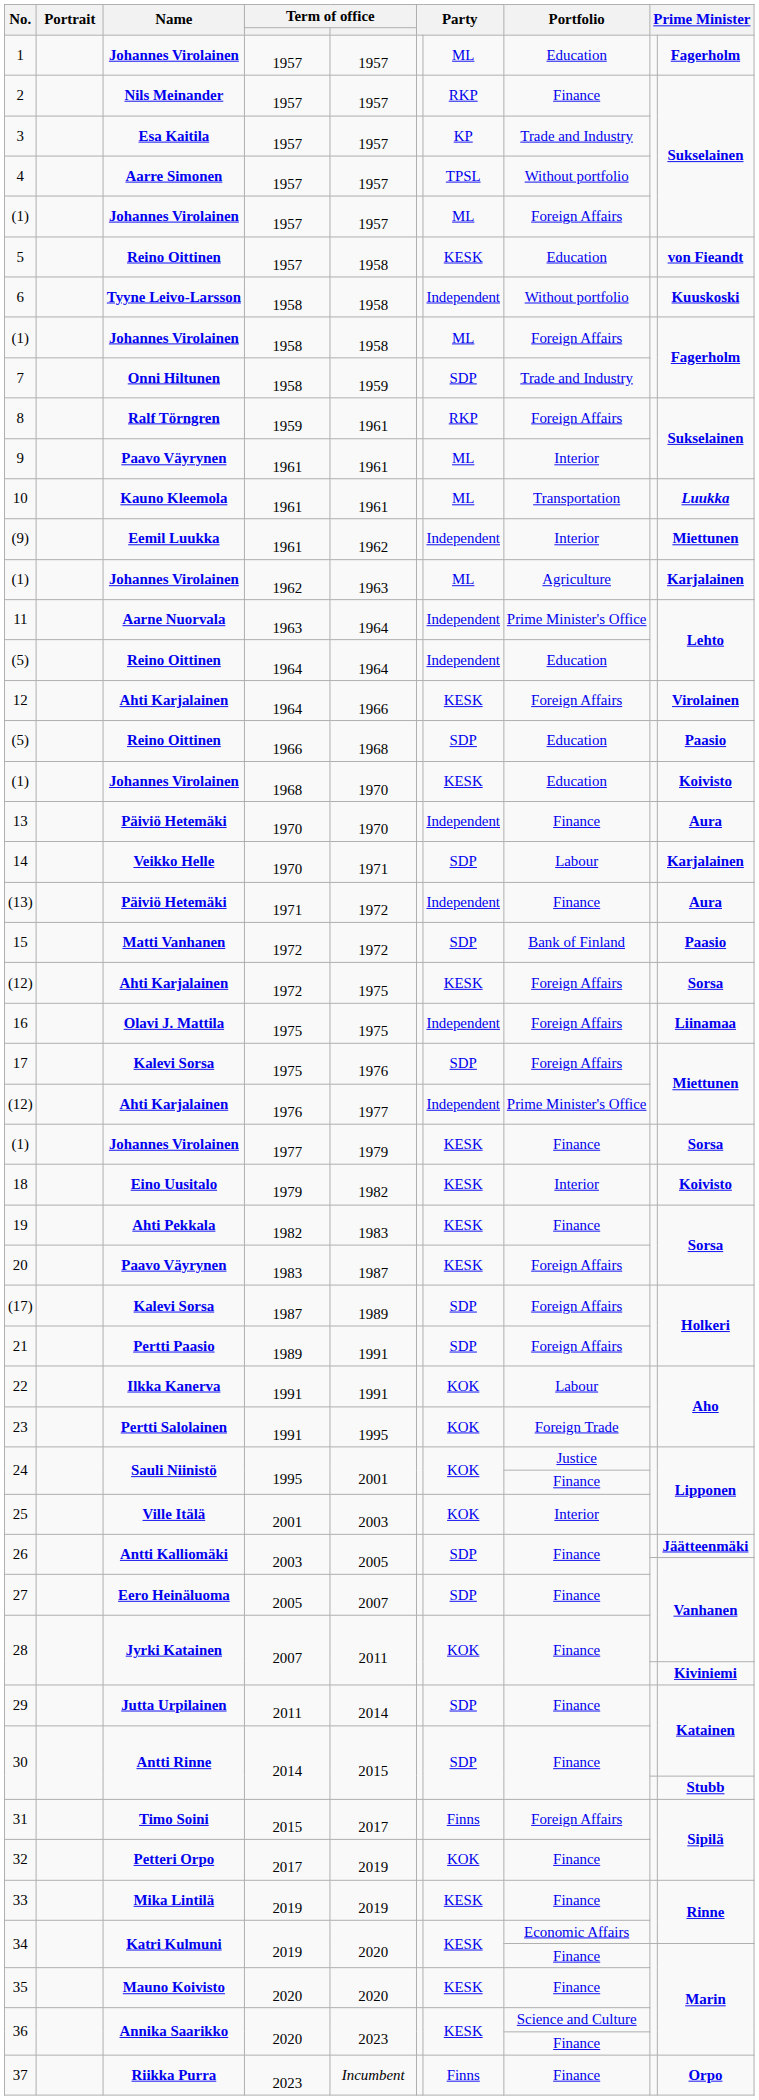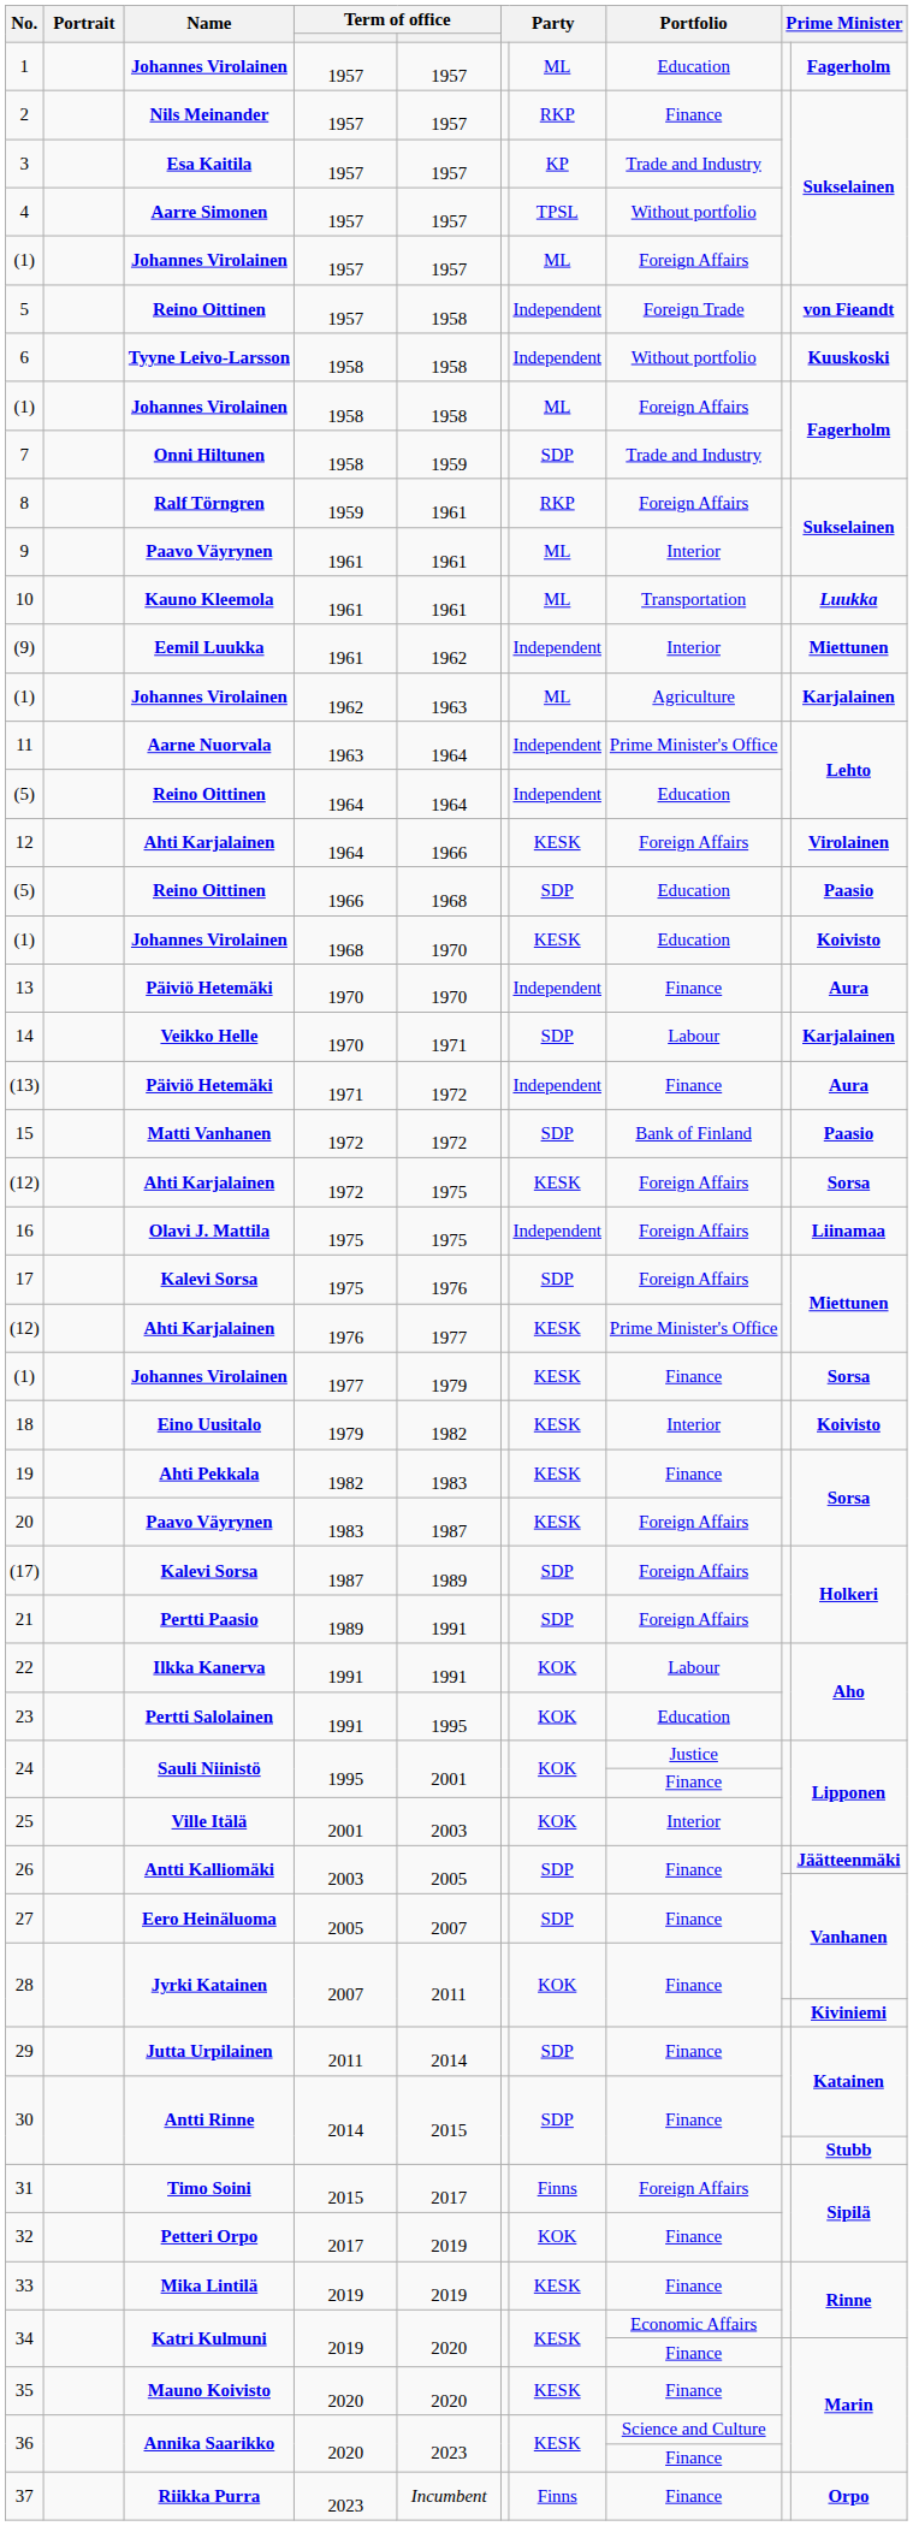 <table class="wikitable" style="text-align:center; border:1px #aaf solid;">
 <tr>
 <th rowspan="2">No.</th>
 <th rowspan="2">Portrait</th>
 <th rowspan="2">Name<br></th>
 <th colspan="2">Term of office</th>
 <th colspan="2" rowspan="2">Party</th>
 <th rowspan="2">Portfolio</th>
 <th colspan="2" rowspan="2"><a href='#'>Prime Minister</a></th>
 </tr>
 <tr>
 <th width="85"></th>
 <th width="85"></th>
 </tr>
 <tr>
 <td>1</td>
 <td width="65"></td>
 <td><strong><a href='#'>Johannes Virolainen</a></strong><br></td>
 <td class="nowrap"><br>1957</td>
 <td class="nowrap"><br>1957</td>
 <td style="background:"></td>
 <td><a href='#'>ML</a></td>
 <td><a href='#'>Education</a></td>
 <td style="background:"></td>
 <td><a href='#'><strong>Fagerholm</strong></a><br></td>
 </tr>
 <tr>
 <td>2</td>
 <td></td>
 <td><strong><a href='#'>Nils Meinander</a></strong><br></td>
 <td><br>1957</td>
 <td><br>1957</td>
 <td style="background:"></td>
 <td><a href='#'>RKP</a></td>
 <td><a href='#'>Finance</a></td>
 <td rowspan="4" style="background:"></td>
 <td rowspan="4"><a href='#'><strong>Sukselainen</strong></a><br></td>
 </tr>
 <tr>
 <td>3</td>
 <td></td>
 <td><strong><a href='#'>Esa Kaitila</a></strong><br></td>
 <td><br>1957</td>
 <td><br>1957</td>
 <td style="background:"></td>
 <td><a href='#'>KP</a></td>
 <td><a href='#'>Trade and Industry</a></td>
 </tr>
 <tr>
 <td>4</td>
 <td></td>
 <td><strong><a href='#'>Aarre Simonen</a></strong><br></td>
 <td><br>1957</td>
 <td><br>1957</td>
 <td style="background:"></td>
 <td><a href='#'>TPSL</a></td>
 <td><a href='#'>Without portfolio</a></td>
 </tr>
 <tr>
 <td>(1)</td>
 <td></td>
 <td><strong><a href='#'>Johannes Virolainen</a></strong><br></td>
 <td><br>1957</td>
 <td><br>1957</td>
 <td style="background:"></td>
 <td><a href='#'>ML</a></td>
 <td><a href='#'>Foreign Affairs</a></td>
 </tr>
 <tr>
 <td>5</td>
 <td></td>
 <td><strong><a href='#'>Reino Oittinen</a></strong><br></td>
 <td><br>1957</td>
 <td><br>1958</td>
 <td style="background:"></td>
-<td><a href='#'>KESK</a></td>
-<td><a href='#'>Education</a></td>
+<td><a href='#'>Independent</a></td>
+<td><a href='#'>Foreign Trade</a></td>
 <td style="background:"></td>
 <td><strong><a href='#'>von Fieandt</a></strong><br></td>
 </tr>
 <tr>
 <td>6</td>
 <td></td>
 <td><strong><a href='#'>Tyyne Leivo-Larsson</a></strong><br></td>
 <td><br>1958</td>
 <td><br>1958</td>
 <td style="background:"></td>
 <td><a href='#'>Independent</a></td>
 <td><a href='#'>Without portfolio</a></td>
 <td style="background:"></td>
 <td><strong><a href='#'>Kuuskoski</a></strong><br></td>
 </tr>
 <tr>
 <td>(1)</td>
 <td></td>
 <td><strong><a href='#'>Johannes Virolainen</a></strong><br></td>
 <td><br>1958</td>
 <td><br>1958</td>
 <td style="background:"></td>
 <td><a href='#'>ML</a></td>
 <td><a href='#'>Foreign Affairs</a></td>
 <td rowspan="2" style="background:"></td>
 <td rowspan="2"><strong><a href='#'>Fagerholm</a></strong><br></td>
 </tr>
 <tr>
 <td>7</td>
 <td></td>
 <td><strong><a href='#'>Onni Hiltunen</a></strong><br></td>
 <td><br>1958</td>
 <td><br>1959</td>
 <td style="background:"></td>
 <td><a href='#'>SDP</a></td>
 <td><a href='#'>Trade and Industry</a></td>
 </tr>
 <tr>
 <td>8</td>
 <td></td>
 <td><strong><a href='#'>Ralf Törngren</a></strong><br></td>
 <td><br>1959</td>
 <td><br>1961</td>
 <td style="background:"></td>
 <td><a href='#'>RKP</a></td>
 <td><a href='#'>Foreign Affairs</a></td>
 <td rowspan="2" style="background:"></td>
 <td rowspan="2"><strong><a href='#'>Sukselainen</a></strong><br></td>
 </tr>
 <tr>
 <td>9</td>
 <td></td>
 <td><strong><a href='#'>Paavo Väyrynen</a></strong><br></td>
 <td><br>1961</td>
 <td><br>1961</td>
 <td style="background:"></td>
 <td><a href='#'>ML</a></td>
 <td><a href='#'>Interior</a></td>
 </tr>
 <tr>
 <td>10</td>
 <td></td>
 <td><strong><a href='#'>Kauno Kleemola</a></strong><br></td>
 <td><br>1961</td>
 <td><br>1961</td>
 <td style="background:"></td>
 <td><a href='#'>ML</a></td>
 <td><a href='#'>Transportation</a></td>
 <td style="background:"></td>
 <td><em><a href='#'><strong>Luukka</strong></a><br></em></td>
 </tr>
 <tr>
 <td>(9)</td>
 <td></td>
 <td><strong><a href='#'>Eemil Luukka</a></strong><br></td>
 <td><br>1961</td>
 <td><br>1962</td>
 <td style="background:"></td>
 <td><a href='#'>Independent</a></td>
 <td><a href='#'>Interior</a></td>
 <td style="background:"></td>
 <td><strong><a href='#'>Miettunen</a></strong><br></td>
 </tr>
 <tr>
 <td>(1)</td>
 <td></td>
 <td><strong><a href='#'>Johannes Virolainen</a></strong><br></td>
 <td><br>1962</td>
 <td><br>1963</td>
 <td style="background:"></td>
 <td><a href='#'>ML</a></td>
 <td><a href='#'>Agriculture</a></td>
 <td style="background:"></td>
 <td><strong><a href='#'>Karjalainen</a></strong><br></td>
 </tr>
 <tr>
 <td>11</td>
 <td></td>
 <td><strong><a href='#'>Aarne Nuorvala</a></strong><br></td>
 <td><br>1963</td>
 <td><br>1964</td>
 <td style="background:"></td>
 <td><a href='#'>Independent</a></td>
 <td><a href='#'>Prime Minister's Office</a></td>
 <td rowspan="2" style="background:"></td>
 <td rowspan="2"><strong><a href='#'>Lehto</a></strong><br></td>
 </tr>
 <tr>
 <td>(5)</td>
 <td></td>
 <td><strong><a href='#'>Reino Oittinen</a></strong><br></td>
 <td><br>1964</td>
 <td><br>1964</td>
 <td style="background:"></td>
 <td><a href='#'>Independent</a></td>
 <td><a href='#'>Education</a></td>
 </tr>
 <tr>
 <td>12</td>
 <td></td>
 <td><strong><a href='#'>Ahti Karjalainen</a></strong><br></td>
 <td><br>1964</td>
 <td><br>1966</td>
 <td style="background:"></td>
 <td><a href='#'>KESK</a></td>
 <td><a href='#'>Foreign Affairs</a></td>
 <td style="background:"></td>
 <td><a href='#'><strong>Virolainen</strong></a><br></td>
 </tr>
 <tr>
 <td>(5)</td>
 <td></td>
 <td><strong><a href='#'>Reino Oittinen</a></strong><br></td>
 <td><br>1966</td>
 <td><br>1968</td>
 <td style="background:"></td>
 <td><a href='#'>SDP</a></td>
 <td><a href='#'>Education</a></td>
 <td style="background:"></td>
 <td><a href='#'><strong>Paasio</strong></a><br></td>
 </tr>
 <tr>
 <td>(1)</td>
 <td></td>
 <td><strong><a href='#'>Johannes Virolainen</a></strong><br></td>
 <td><br>1968</td>
 <td><br>1970</td>
 <td style="background:"></td>
 <td><a href='#'>KESK</a></td>
 <td><a href='#'>Education</a></td>
 <td style="background:"></td>
 <td><a href='#'><strong>Koivisto</strong></a><br></td>
 </tr>
 <tr>
 <td>13</td>
 <td></td>
 <td><strong><a href='#'>Päiviö Hetemäki</a></strong><br></td>
 <td><br>1970</td>
 <td><br>1970</td>
 <td style="background:"></td>
 <td><a href='#'>Independent</a></td>
 <td><a href='#'>Finance</a></td>
 <td style="background:"></td>
 <td><a href='#'><strong>Aura</strong></a><br></td>
 </tr>
 <tr>
 <td>14</td>
 <td></td>
 <td><strong><a href='#'>Veikko Helle</a></strong><br></td>
 <td><br>1970</td>
 <td><br>1971</td>
 <td style="background:"></td>
 <td><a href='#'>SDP</a></td>
 <td><a href='#'>Labour</a></td>
 <td style="background:"></td>
 <td><strong><a href='#'>Karjalainen</a></strong><br></td>
 </tr>
 <tr>
 <td>(13)</td>
 <td></td>
 <td><strong><a href='#'>Päiviö Hetemäki</a></strong><br></td>
 <td><br>1971</td>
 <td><br>1972</td>
 <td style="background:"></td>
 <td><a href='#'>Independent</a></td>
 <td><a href='#'>Finance</a></td>
 <td style="background:"></td>
 <td><a href='#'><strong>Aura</strong></a><br></td>
 </tr>
 <tr>
 <td>15</td>
 <td></td>
 <td><strong><a href='#'>Matti Vanhanen</a></strong><br></td>
 <td><br>1972</td>
 <td><br>1972</td>
 <td style="background:"></td>
 <td><a href='#'>SDP</a></td>
 <td><a href='#'>Bank of Finland</a></td>
 <td style="background:"></td>
 <td><a href='#'><strong>Paasio</strong></a><br></td>
 </tr>
 <tr>
 <td>(12)</td>
 <td></td>
 <td><strong><a href='#'>Ahti Karjalainen</a></strong><br></td>
 <td><br>1972</td>
 <td><br>1975</td>
 <td style="background:"></td>
 <td><a href='#'>KESK</a></td>
 <td><a href='#'>Foreign Affairs</a></td>
 <td style="background:"></td>
 <td><a href='#'><strong>Sorsa</strong></a><br></td>
 </tr>
 <tr>
 <td>16</td>
 <td></td>
 <td><strong><a href='#'>Olavi J. Mattila</a></strong><br></td>
 <td><br>1975</td>
 <td><br>1975</td>
 <td style="background:"></td>
 <td><a href='#'>Independent</a></td>
 <td><a href='#'>Foreign Affairs</a></td>
 <td style="background:"></td>
 <td><a href='#'><strong>Liinamaa</strong></a><br></td>
 </tr>
 <tr>
 <td>17</td>
 <td></td>
 <td><strong><a href='#'>Kalevi Sorsa</a></strong><br></td>
 <td><br>1975</td>
 <td><br>1976</td>
 <td style="background:"></td>
 <td><a href='#'>SDP</a></td>
 <td><a href='#'>Foreign Affairs</a></td>
 <td rowspan="2" style="background:"></td>
 <td rowspan="2"><strong><a href='#'>Miettunen</a></strong><br></td>
 </tr>
 <tr>
 <td>(12)</td>
 <td></td>
 <td><strong><a href='#'>Ahti Karjalainen</a></strong><br></td>
 <td><br>1976</td>
 <td><br>1977</td>
 <td style="background:"></td>
-<td><a href='#'>Independent</a></td>
+<td><a href='#'>KESK</a></td>
 <td><a href='#'>Prime Minister's Office</a></td>
 </tr>
 <tr>
 <td>(1)</td>
 <td></td>
 <td><strong><a href='#'>Johannes Virolainen</a></strong><br></td>
 <td><br>1977</td>
 <td><br>1979</td>
 <td style="background:"></td>
 <td><a href='#'>KESK</a></td>
 <td rowspan="1"><a href='#'>Finance</a><br></td>
 <td style="background:"></td>
 <td><a href='#'><strong>Sorsa</strong></a><br></td>
 </tr>
 <tr>
 <td>18</td>
 <td></td>
 <td><strong><a href='#'>Eino Uusitalo</a></strong><br></td>
 <td><br>1979</td>
 <td><br>1982</td>
 <td style="background:"></td>
 <td><a href='#'>KESK</a></td>
 <td><a href='#'>Interior</a></td>
 <td style="background:"></td>
 <td><a href='#'><strong>Koivisto</strong></a><br></td>
 </tr>
 <tr>
 <td>19</td>
 <td></td>
 <td><strong><a href='#'>Ahti Pekkala</a></strong><br></td>
 <td><br>1982</td>
 <td><br>1983</td>
 <td style="background:"></td>
 <td><a href='#'>KESK</a></td>
 <td><a href='#'>Finance</a></td>
 <td rowspan="2" style="background:"></td>
 <td rowspan="2"><a href='#'><strong>Sorsa</strong></a><br></td>
 </tr>
 <tr>
 <td>20</td>
 <td></td>
 <td><strong><a href='#'>Paavo Väyrynen</a></strong><br></td>
 <td><br>1983</td>
 <td><br>1987</td>
 <td style="background:"></td>
 <td><a href='#'>KESK</a></td>
 <td><a href='#'>Foreign Affairs</a></td>
 </tr>
 <tr>
 <td>(17)</td>
 <td></td>
 <td><strong><a href='#'>Kalevi Sorsa</a></strong><br></td>
 <td><br>1987</td>
 <td><br>1989</td>
 <td style="background:"></td>
 <td><a href='#'>SDP</a></td>
 <td><a href='#'>Foreign Affairs</a></td>
 <td rowspan="2" style="background:"></td>
 <td rowspan="2"><a href='#'><strong>Holkeri</strong></a><br></td>
 </tr>
 <tr>
 <td>21</td>
 <td></td>
 <td><strong><a href='#'>Pertti Paasio</a></strong><br></td>
 <td><br>1989</td>
 <td><br>1991</td>
 <td style="background:"></td>
 <td><a href='#'>SDP</a></td>
 <td><a href='#'>Foreign Affairs</a></td>
 </tr>
 <tr>
 <td>22</td>
 <td></td>
 <td><strong><a href='#'>Ilkka Kanerva</a></strong><br></td>
 <td><br>1991</td>
 <td><br>1991</td>
 <td style="background:"></td>
 <td><a href='#'>KOK</a></td>
 <td><a href='#'>Labour</a></td>
 <td rowspan="2" style="background:"></td>
 <td rowspan="2"><a href='#'><strong>Aho</strong></a><br></td>
 </tr>
 <tr>
 <td>23</td>
 <td></td>
 <td><strong><a href='#'>Pertti Salolainen</a></strong><br></td>
 <td><br>1991</td>
 <td><br>1995</td>
 <td style="background:"></td>
 <td><a href='#'>KOK</a></td>
-<td><a href='#'>Foreign Trade</a></td>
+<td><a href='#'>Education</a></td>
 </tr>
 <tr>
 <td rowspan="2">24</td>
 <td rowspan="2"></td>
 <td rowspan="2"><strong><a href='#'>Sauli Niinistö</a></strong><br></td>
 <td rowspan="2"><br>1995</td>
 <td rowspan="2"><br>2001</td>
 <td rowspan="2" style="background:"></td>
 <td rowspan="2"><a href='#'>KOK</a></td>
 <td><a href='#'>Justice</a><br></td>
 <td rowspan="3" style="background:"></td>
 <td rowspan="3"><a href='#'><strong>Lipponen</strong></a><br></td>
 </tr>
 <tr>
 <td><a href='#'>Finance</a><br></td>
 </tr>
 <tr>
 <td>25</td>
 <td></td>
 <td><strong><a href='#'>Ville Itälä</a></strong><br></td>
 <td><br>2001</td>
 <td><br>2003</td>
 <td style="background:"></td>
 <td><a href='#'>KOK</a></td>
 <td><a href='#'>Interior</a></td>
 </tr>
 <tr>
 <td rowspan="2">26</td>
 <td rowspan="2"></td>
 <td rowspan="2"><strong><a href='#'>Antti Kalliomäki</a></strong><br></td>
 <td rowspan="2"><br>2003</td>
 <td rowspan="2"><br>2005</td>
 <td rowspan="2" style="background:"></td>
 <td rowspan="2"><a href='#'>SDP</a></td>
 <td rowspan="2"><a href='#'>Finance</a></td>
 <td style="background:"></td>
 <td><a href='#'><strong>Jäätteenmäki</strong></a><br></td>
 </tr>
 <tr>
 <td rowspan="3" style="background:"></td>
 <td rowspan="3"><a href='#'><strong>Vanhanen</strong></a><br></td>
 </tr>
 <tr>
 <td>27</td>
 <td></td>
 <td><strong><a href='#'>Eero Heinäluoma</a></strong><br></td>
 <td><br>2005</td>
 <td><br>2007</td>
 <td style="background:"></td>
 <td><a href='#'>SDP</a></td>
 <td><a href='#'>Finance</a></td>
 </tr>
 <tr style="height:50px;">
 <td rowspan="2">28</td>
 <td rowspan="2"></td>
 <td rowspan="2"><strong><a href='#'>Jyrki Katainen</a></strong><br></td>
 <td rowspan="2"><br>2007</td>
 <td rowspan="2"><br>2011</td>
 <td rowspan="2" style="background:"></td>
 <td rowspan="2"><a href='#'>KOK</a></td>
 <td rowspan="2"><a href='#'>Finance</a></td>
 </tr>
 <tr>
 <td style="background:"></td>
 <td><a href='#'><strong>Kiviniemi</strong></a><br></td>
 </tr>
 <tr>
 <td>29</td>
 <td></td>
 <td><strong><a href='#'>Jutta Urpilainen</a></strong><br></td>
 <td><br>2011</td>
 <td><br>2014</td>
 <td style="background:"></td>
 <td><a href='#'>SDP</a></td>
 <td><a href='#'>Finance</a></td>
 <td rowspan="2" style="background:"></td>
 <td rowspan="2"><a href='#'><strong>Katainen</strong></a><br></td>
 </tr>
 <tr style="height:54px;">
 <td rowspan="2">30</td>
 <td rowspan="2"></td>
 <td rowspan="2"><strong><a href='#'>Antti Rinne</a></strong><br></td>
 <td rowspan="2"><br>2014</td>
 <td rowspan="2"><br>2015</td>
 <td rowspan="2" style="background:"></td>
 <td rowspan="2"><a href='#'>SDP</a></td>
 <td rowspan="2"><a href='#'>Finance</a></td>
 </tr>
 <tr>
 <td style="background:"></td>
 <td><a href='#'><strong>Stubb</strong></a><br></td>
 </tr>
 <tr>
 <td>31</td>
 <td></td>
 <td><strong><a href='#'>Timo Soini</a></strong><br></td>
 <td><br>2015</td>
 <td><br>2017</td>
 <td style="background:"></td>
 <td><a href='#'>Finns</a></td>
 <td><a href='#'>Foreign Affairs</a></td>
 <td rowspan="2" style="background:"></td>
 <td rowspan="2"><a href='#'><strong>Sipilä</strong></a><br></td>
 </tr>
 <tr>
 <td>32</td>
 <td></td>
 <td><strong><a href='#'>Petteri Orpo</a></strong><br></td>
 <td><br>2017</td>
 <td><br>2019</td>
 <td style="background:"></td>
 <td><a href='#'>KOK</a></td>
 <td><a href='#'>Finance</a></td>
 </tr>
 <tr>
 <td>33</td>
 <td></td>
 <td><strong><a href='#'>Mika Lintilä</a></strong><br></td>
 <td><br>2019</td>
 <td><br>2019</td>
 <td style="background:"></td>
 <td><a href='#'>KESK</a></td>
 <td><a href='#'>Finance</a></td>
 <td rowspan="2" style="background:"></td>
 <td rowspan="2"><a href='#'><strong>Rinne</strong></a><br></td>
 </tr>
 <tr>
 <td rowspan="2">34</td>
 <td rowspan="2"></td>
 <td rowspan="2"><strong><a href='#'>Katri Kulmuni</a></strong><br></td>
 <td rowspan="2"><br>2019</td>
 <td rowspan="2"><br>2020</td>
 <td rowspan="2" style="background:"></td>
 <td rowspan="2"><a href='#'>KESK</a></td>
 <td rowspan="1"><a href='#'>Economic Affairs</a><br></td>
 </tr>
 <tr>
 <td rowspan="1"><a href='#'>Finance</a><br></td>
 <td rowspan="4" style="background:"></td>
 <td rowspan="4"><a href='#'><strong>Marin</strong></a><br></td>
 </tr>
 <tr>
 <td>35</td>
 <td></td>
 <td><strong><a href='#'>Mauno Koivisto</a></strong><br></td>
 <td><br>2020</td>
 <td><br>2020</td>
 <td style="background:"></td>
 <td><a href='#'>KESK</a></td>
 <td><a href='#'>Finance</a></td>
 </tr>
 <tr>
 <td rowspan="2">36</td>
 <td rowspan="2"></td>
 <td rowspan="2"><strong><a href='#'>Annika Saarikko</a></strong><br></td>
 <td rowspan="2"><br>2020</td>
 <td rowspan="2"><br>2023</td>
 <td rowspan="2" style="background:"></td>
 <td rowspan="2"><a href='#'>KESK</a></td>
 <td rowspan="1"><a href='#'>Science and Culture</a><br></td>
 </tr>
 <tr>
 <td rowspan="1"><a href='#'>Finance</a><br></td>
 </tr>
 <tr>
 <td rowspan="2">37</td>
 <td rowspan="2"></td>
 <td rowspan="2"><strong><a href='#'>Riikka Purra</a></strong><br></td>
 <td rowspan="2"><br>2023</td>
 <td rowspan="2"><em>Incumbent</em></td>
 <td rowspan="2" style="background:"></td>
 <td rowspan="2"><a href='#'>Finns</a></td>
 <td rowspans"2"><a href='#'>Finance</a></td>
 <td rowspans"2" style="background:"></td>
 <td rowspans"2"><a href='#'><strong>Orpo</strong></a><br></td>
 </tr>
 </table>
